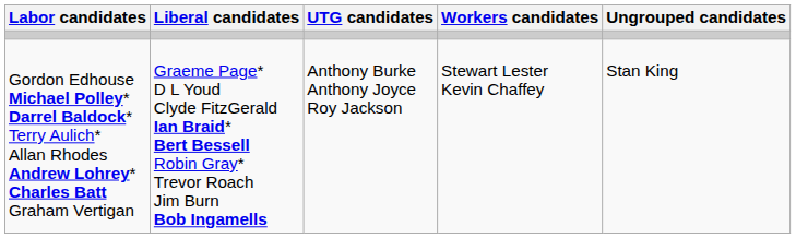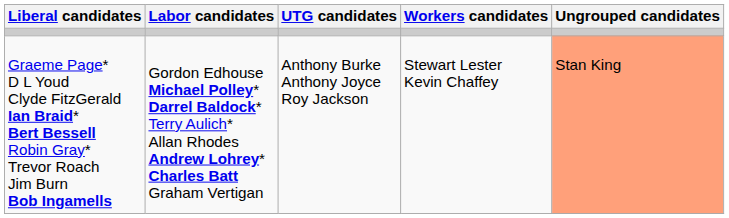 <table class="wikitable">
 <tr>
+<th><a href='#'>Liberal</a> candidates</th>
 <th><a href='#'>Labor</a> candidates</th>
-<th><a href='#'>Liberal</a> candidates</th>
 <th><a href='#'>UTG</a> candidates</th>
 <th><a href='#'>Workers</a> candidates</th>
 <th>Ungrouped candidates</th>
 </tr>
 <tr bgcolor="#cccccc">
 <td></td>
 <td></td>
 <td></td>
 <td></td>
 <td></td>
 </tr>
 <tr>
+<td><br><a href='#'>Graeme Page</a>*<br> D L Youd<br> Clyde FitzGerald<br> <strong><a href='#'>Ian Braid</a></strong>*<br> <strong><a href='#'>Bert Bessell</a></strong><br> <a href='#'>Robin Gray</a>*<br> Trevor Roach<br> Jim Burn<br> <strong><a href='#'>Bob Ingamells</a></strong></td>
 <td><br>Gordon Edhouse<br> <strong><a href='#'>Michael Polley</a></strong>*<br> <strong><a href='#'>Darrel Baldock</a></strong>*<br> <a href='#'>Terry Aulich</a>*<br> Allan Rhodes<br> <strong><a href='#'>Andrew Lohrey</a></strong>*<br> <strong><a href='#'>Charles Batt</a></strong><br> Graham Vertigan</td>
-<td><br><a href='#'>Graeme Page</a>*<br> D L Youd<br> Clyde FitzGerald<br> <strong><a href='#'>Ian Braid</a></strong>*<br> <strong><a href='#'>Bert Bessell</a></strong><br> <a href='#'>Robin Gray</a>*<br> Trevor Roach<br> Jim Burn<br> <strong><a href='#'>Bob Ingamells</a></strong></td>
 <td valign=top><br>Anthony Burke<br> Anthony Joyce<br> Roy Jackson<br></td>
 <td valign=top><br>Stewart Lester<br> Kevin Chaffey<br></td>
-<td valign=top><br>Stan King</td>
+<td valign=top style="background: lightsalmon;"><br>Stan King</td>
 </tr>
 </table>
